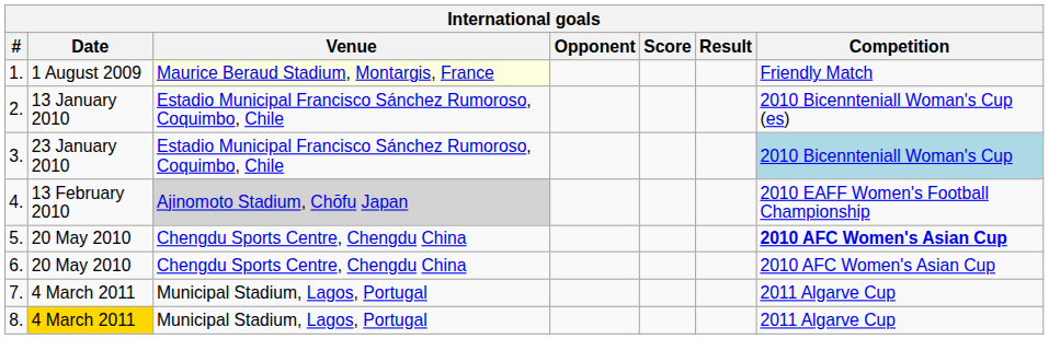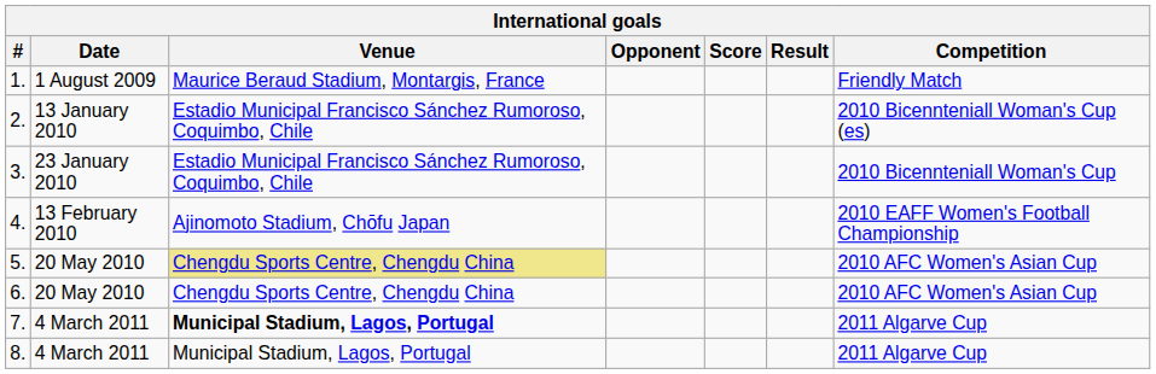 <table class="wikitable" style="font-size:90%; text-align:left;">
 <tr>
 <th colspan="7"><strong>International goals</strong></th>
 </tr>
 <tr>
 <th>#</th>
 <th>Date</th>
 <th>Venue</th>
 <th>Opponent</th>
 <th>Score</th>
 <th>Result</th>
 <th>Competition</th>
 </tr>
 <tr>
 <td>1.</td>
 <td>1 August 2009</td>
-<td style="background: lightyellow;"><a href='#'>Maurice Beraud Stadium</a>, <a href='#'>Montargis</a>, <a href='#'>France</a></td>
+<td><a href='#'>Maurice Beraud Stadium</a>, <a href='#'>Montargis</a>, <a href='#'>France</a></td>
 <td></td>
 <td></td>
 <td></td>
 <td><a href='#'>Friendly Match</a></td>
 </tr>
 <tr>
 <td>2.</td>
 <td>13 January 2010</td>
 <td><a href='#'>Estadio Municipal Francisco Sánchez Rumoroso</a>, <a href='#'>Coquimbo</a>, <a href='#'>Chile</a></td>
 <td></td>
 <td></td>
 <td></td>
 <td><a href='#'>2010 Bicennteniall Woman's Cup</a> (<a href='#'>es</a>)</td>
 </tr>
 <tr>
 <td>3.</td>
 <td>23 January 2010</td>
 <td><a href='#'>Estadio Municipal Francisco Sánchez Rumoroso</a>, <a href='#'>Coquimbo</a>, <a href='#'>Chile</a></td>
 <td></td>
 <td></td>
 <td></td>
-<td style="background: lightblue;"><a href='#'>2010 Bicennteniall Woman's Cup</a></td>
+<td><a href='#'>2010 Bicennteniall Woman's Cup</a></td>
 </tr>
 <tr>
 <td>4.</td>
 <td>13 February 2010</td>
-<td style="background: lightgrey;"><a href='#'>Ajinomoto Stadium</a>, <a href='#'>Chōfu</a> <a href='#'>Japan</a></td>
+<td><a href='#'>Ajinomoto Stadium</a>, <a href='#'>Chōfu</a> <a href='#'>Japan</a></td>
 <td></td>
 <td></td>
 <td></td>
 <td><a href='#'>2010 EAFF Women's Football Championship</a></td>
 </tr>
 <tr>
 <td>5.</td>
 <td>20 May 2010</td>
-<td><a href='#'>Chengdu Sports Centre</a>, <a href='#'>Chengdu</a> <a href='#'>China</a></td>
+<td style="background: khaki;"><a href='#'>Chengdu Sports Centre</a>, <a href='#'>Chengdu</a> <a href='#'>China</a></td>
 <td></td>
 <td></td>
 <td></td>
-<td><strong><a href='#'>2010 AFC Women's Asian Cup</a></strong></td>
+<td><a href='#'>2010 AFC Women's Asian Cup</a></td>
 </tr>
 <tr>
 <td>6.</td>
 <td>20 May 2010</td>
 <td><a href='#'>Chengdu Sports Centre</a>, <a href='#'>Chengdu</a> <a href='#'>China</a></td>
 <td></td>
 <td></td>
 <td></td>
 <td><a href='#'>2010 AFC Women's Asian Cup</a></td>
 </tr>
 <tr>
 <td>7.</td>
 <td>4 March 2011</td>
-<td>Municipal Stadium, <a href='#'>Lagos</a>, <a href='#'>Portugal</a></td>
+<td><strong>Municipal Stadium, <a href='#'>Lagos</a>, <a href='#'>Portugal</a></strong></td>
 <td></td>
 <td></td>
 <td></td>
 <td><a href='#'>2011 Algarve Cup</a></td>
 </tr>
 <tr>
 <td>8.</td>
-<td style="background: gold;">4 March 2011</td>
+<td>4 March 2011</td>
 <td>Municipal Stadium, <a href='#'>Lagos</a>, <a href='#'>Portugal</a></td>
 <td></td>
 <td></td>
 <td></td>
 <td><a href='#'>2011 Algarve Cup</a></td>
 </tr>
 </table>
